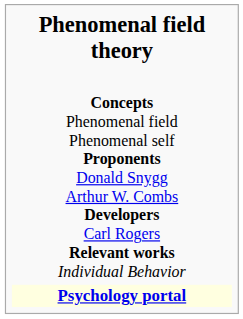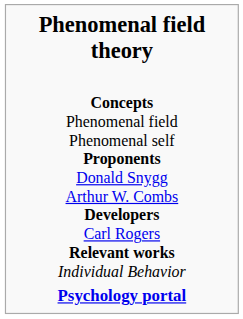 <table class="infobox" style="text-align:center; width:200px;">
 <tr>
 <td colspan="2"><big><strong>Phenomenal field theory</strong></big></td>
 </tr>
 <tr>
 </tr>
 <tr>
 <td></td>
 </tr>
 <tr>
 <td style="font-size:85%"><br><strong>Concepts</strong><br> Phenomenal field<br> Phenomenal self<br><strong>Proponents</strong><br> <a href='#'>Donald Snygg</a><br> <a href='#'>Arthur W. Combs</a><br> <strong>Developers</strong><br> <a href='#'>Carl Rogers</a><br><strong>Relevant works</strong><br> <em>Individual Behavior</em><br></td>
 </tr>
 <tr>
-<td style="background: lightyellow; font-size:90%"><strong><a href='#'>Psychology portal</a></strong></td>
+<td style="font-size:90%"><strong><a href='#'>Psychology portal</a></strong></td>
 </tr>
 </table>
